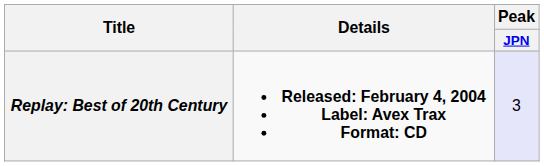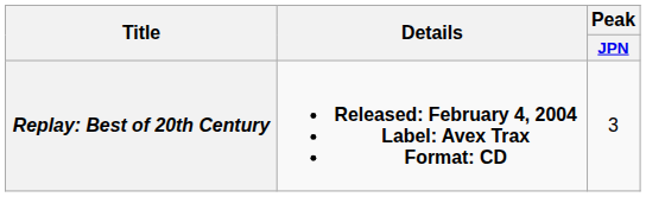 <table class="wikitable plainrowheaders" style="text-align:center;">
 <tr>
 <th scope="col" rowspan="2" style="width:14em;">Title</th>
 <th scope="col" rowspan="2" style="width:16em;">Details</th>
 <th scope="col" colspan="1">Peak</th>
 </tr>
 <tr>
 <th scope="col" style="width:2.5em;font-size:85%;"><a href='#'>JPN</a><br></th>
 </tr>
 <tr>
 <th scope="row"><em>Replay: Best of 20th Century</em></th>
 <td><strong><br><ul><li>Released: February 4, 2004</li><li>Label: Avex Trax</li><li>Format: CD</li></ul></strong></td>
-<td style="background: lavender;">3</td>
+<td>3</td>
 </tr>
 </table>
